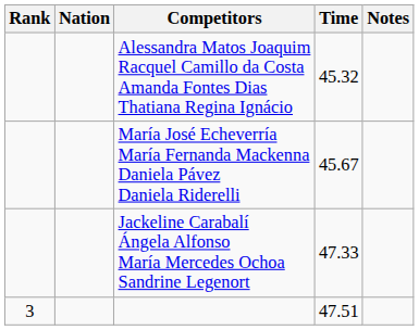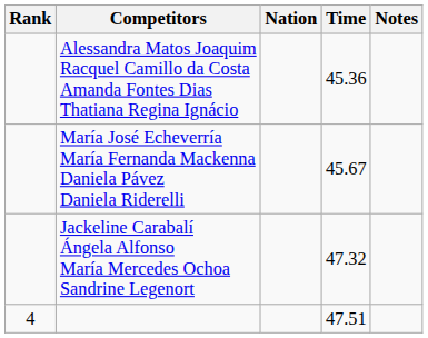 <table class="wikitable sortable" style="text-align:center">
 <tr>
 <th>Rank</th>
+<th>Competitors</th>
 <th>Nation</th>
-<th>Competitors</th>
 <th>Time</th>
 <th>Notes</th>
 </tr>
 <tr>
 <td align=center></td>
+<td align=left><a href='#'>Alessandra Matos Joaquim</a><br><a href='#'>Racquel Camillo da Costa</a><br><a href='#'>Amanda Fontes Dias</a><br><a href='#'>Thatiana Regina Ignácio</a></td>
 <td align=left></td>
-<td align=left><a href='#'>Alessandra Matos Joaquim</a><br><a href='#'>Racquel Camillo da Costa</a><br><a href='#'>Amanda Fontes Dias</a><br><a href='#'>Thatiana Regina Ignácio</a></td>
-<td>45.32</td>
+<td>45.36</td>
 <td></td>
 </tr>
 <tr>
 <td align=center></td>
+<td align=left><a href='#'>María José Echeverría</a><br><a href='#'>María Fernanda Mackenna</a><br><a href='#'>Daniela Pávez</a><br><a href='#'>Daniela Riderelli</a></td>
 <td align=left></td>
-<td align=left><a href='#'>María José Echeverría</a><br><a href='#'>María Fernanda Mackenna</a><br><a href='#'>Daniela Pávez</a><br><a href='#'>Daniela Riderelli</a></td>
 <td>45.67</td>
 <td></td>
 </tr>
 <tr>
 <td align=center></td>
+<td align=left><a href='#'>Jackeline Carabalí</a><br><a href='#'>Ángela Alfonso</a><br><a href='#'>María Mercedes Ochoa</a><br><a href='#'>Sandrine Legenort</a></td>
 <td align=left></td>
-<td align=left><a href='#'>Jackeline Carabalí</a><br><a href='#'>Ángela Alfonso</a><br><a href='#'>María Mercedes Ochoa</a><br><a href='#'>Sandrine Legenort</a></td>
-<td>47.33</td>
+<td>47.32</td>
 <td></td>
 </tr>
 <tr>
-<td align=center>3</td>
+<td align=center>4</td>
 <td align=left></td>
 <td align=left></td>
 <td>47.51</td>
 <td></td>
 </tr>
 </table>
